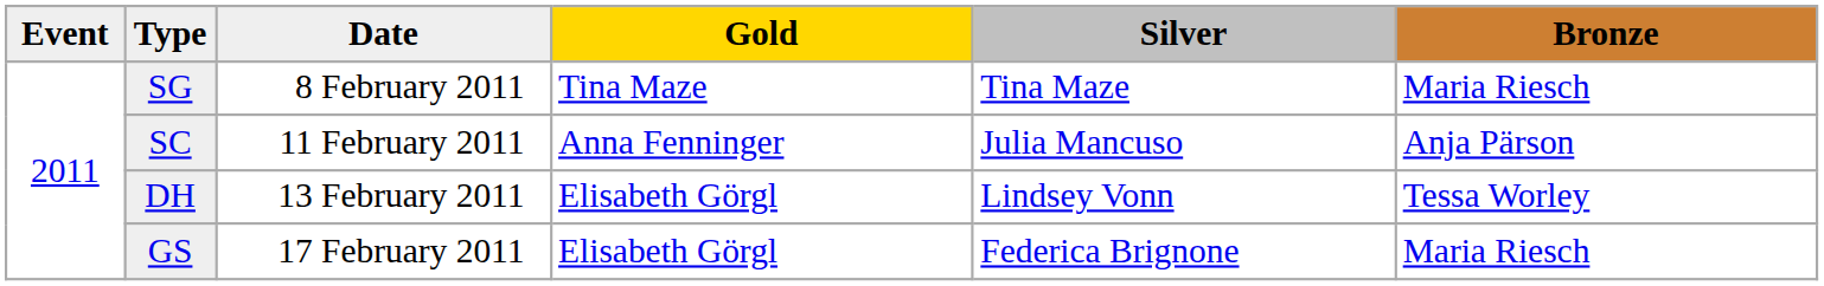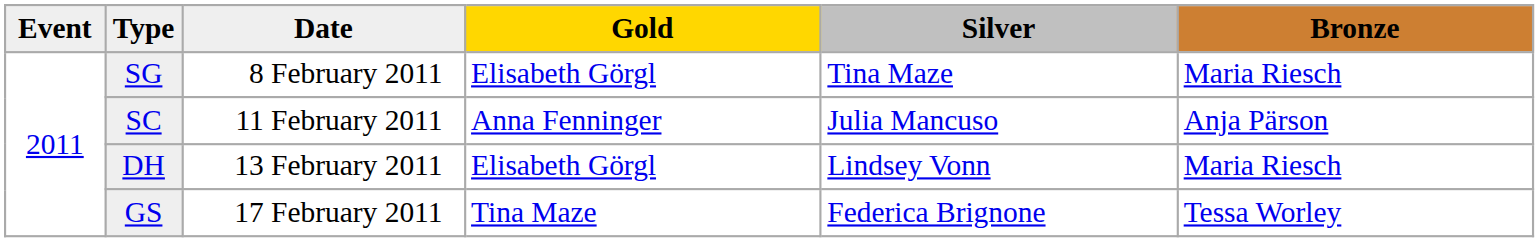 <table class="wikitable plainrowheaders" style="background:#fff; font-size:86%; line-height:15px; border:grey solid 1px; border-collapse:collapse;">
 <tr>
 <th style="background-color: #EFEFEF;" width="40">Event</th>
 <th style="background-color: #EFEFEF;" width="30">Type</th>
 <th style="background-color: #EFEFEF;" width="125">Date</th>
 <th style="background-color: #FFD700;" width="160">Gold</th>
 <th style="background-color: #C0C0C0;" width="160">Silver</th>
 <th style="background-color: #CD7F32;" width="160">Bronze</th>
 </tr>
 <tr>
 <td align=center rowspan=4><a href='#'>2011</a></td>
 <td align=center bgcolor=#EFEFEF><a href='#'>SG</a></td>
 <td align=right>8 February 2011  </td>
-<td> <a href='#'>Tina Maze</a></td>
+<td> <a href='#'>Elisabeth Görgl</a></td>
 <td> <a href='#'>Tina Maze</a></td>
 <td> <a href='#'>Maria Riesch</a></td>
 </tr>
 <tr>
 <td align=center bgcolor=#EFEFEF><a href='#'>SC</a></td>
 <td align=right>11 February 2011  </td>
 <td> <a href='#'>Anna Fenninger</a></td>
 <td> <a href='#'>Julia Mancuso</a></td>
 <td> <a href='#'>Anja Pärson</a></td>
 </tr>
 <tr>
 <td align=center bgcolor=#EFEFEF><a href='#'>DH</a></td>
 <td align=right>13 February 2011  </td>
 <td> <a href='#'>Elisabeth Görgl</a></td>
 <td> <a href='#'>Lindsey Vonn</a></td>
-<td> <a href='#'>Tessa Worley</a></td>
+<td> <a href='#'>Maria Riesch</a></td>
 </tr>
 <tr>
 <td align=center bgcolor=#EFEFEF><a href='#'>GS</a></td>
 <td align=right>17 February 2011  </td>
-<td> <a href='#'>Elisabeth Görgl</a></td>
+<td> <a href='#'>Tina Maze</a></td>
 <td> <a href='#'>Federica Brignone</a></td>
-<td> <a href='#'>Maria Riesch</a></td>
+<td> <a href='#'>Tessa Worley</a></td>
 </tr>
 </table>
